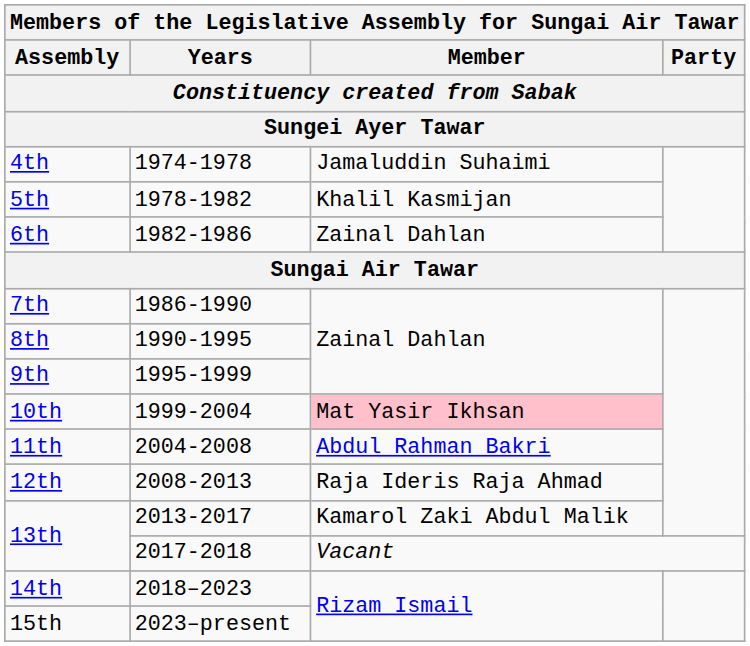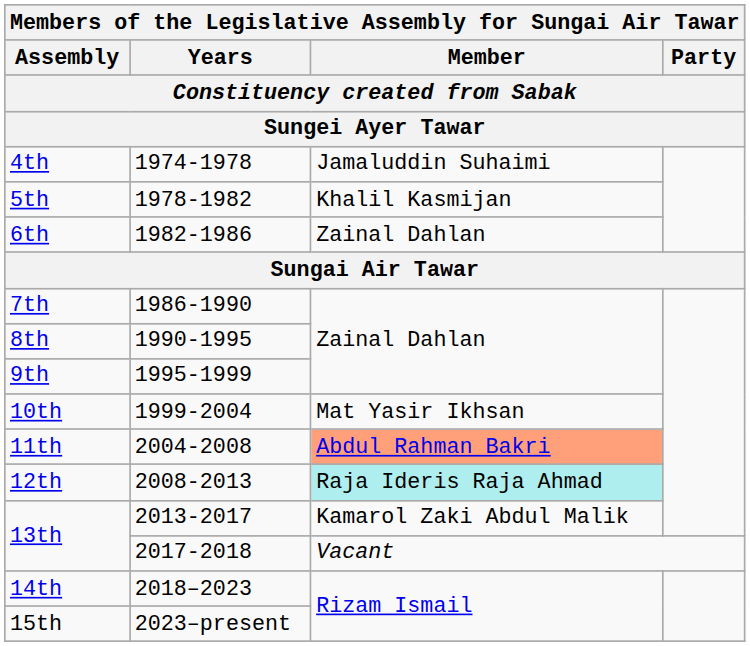 <table class=wikitable>
 <tr>
 <th colspan=4>Members of the Legislative Assembly for Sungai Air Tawar</th>
 </tr>
 <tr>
 <th>Assembly</th>
 <th>Years</th>
 <th>Member</th>
 <th>Party</th>
 </tr>
 <tr>
 <th colspan=4 align=center><em>Constituency created from Sabak</em></th>
 </tr>
 <tr>
 <th colspan=4 align=center>Sungei Ayer Tawar</th>
 </tr>
 <tr>
 <td><a href='#'>4th</a></td>
 <td>1974-1978</td>
 <td>Jamaluddin Suhaimi</td>
 <td rowspan=3></td>
 </tr>
 <tr>
 <td><a href='#'>5th</a></td>
 <td>1978-1982</td>
 <td>Khalil Kasmijan</td>
 </tr>
 <tr>
 <td><a href='#'>6th</a></td>
 <td>1982-1986</td>
 <td>Zainal Dahlan</td>
 </tr>
 <tr>
 <th colspan=4 align=center>Sungai Air Tawar</th>
 </tr>
 <tr>
 <td><a href='#'>7th</a></td>
 <td>1986-1990</td>
 <td rowspan=3>Zainal Dahlan</td>
 <td rowspan=7></td>
 </tr>
 <tr>
 <td><a href='#'>8th</a></td>
 <td>1990-1995</td>
 </tr>
 <tr>
 <td><a href='#'>9th</a></td>
 <td>1995-1999</td>
 </tr>
 <tr>
 <td><a href='#'>10th</a></td>
 <td>1999-2004</td>
-<td style="background: pink;">Mat Yasir Ikhsan</td>
+<td>Mat Yasir Ikhsan</td>
 </tr>
 <tr>
 <td><a href='#'>11th</a></td>
 <td>2004-2008</td>
-<td><a href='#'>Abdul Rahman Bakri</a></td>
+<td style="background: lightsalmon;"><a href='#'>Abdul Rahman Bakri</a></td>
 </tr>
 <tr>
 <td><a href='#'>12th</a></td>
 <td>2008-2013</td>
-<td>Raja Ideris Raja Ahmad</td>
+<td style="background: paleturquoise;">Raja Ideris Raja Ahmad</td>
 </tr>
 <tr>
 <td rowspan="2"><a href='#'>13th</a></td>
 <td>2013-2017</td>
 <td>Kamarol Zaki Abdul Malik</td>
 </tr>
 <tr>
 <td>2017-2018</td>
 <td colspan="2"><em>Vacant</em></td>
 </tr>
 <tr>
 <td><a href='#'>14th</a></td>
 <td>2018–2023</td>
 <td rowspan=2><a href='#'>Rizam Ismail</a></td>
 <td rowspan=2></td>
 </tr>
 <tr>
 <td>15th</td>
 <td>2023–present</td>
 </tr>
 </table>
